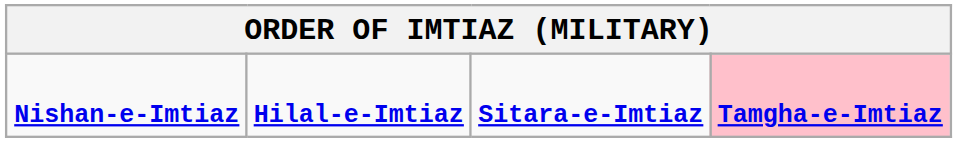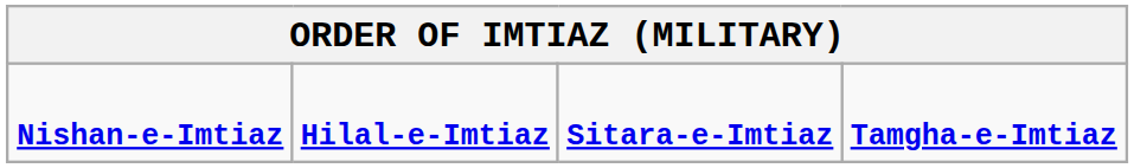 <table class="wikitable" style="margin: 1em auto;">
 <tr>
 <th colspan="4">ORDER OF IMTIAZ (MILITARY)</th>
 </tr>
 <tr align="center">
 <td><br><strong><small><a href='#'>Nishan-e-Imtiaz</a></small></strong></td>
 <td><br><strong><a href='#'><small>Hilal-e-Imtiaz</small></a></strong></td>
 <td><br><strong><small><a href='#'>Sitara-e-Imtiaz</a></small></strong></td>
-<td style="background: pink;"><br><strong><small><a href='#'>Tamgha-e-Imtiaz</a></small></strong></td>
+<td><br><strong><small><a href='#'>Tamgha-e-Imtiaz</a></small></strong></td>
 </tr>
 </table>
